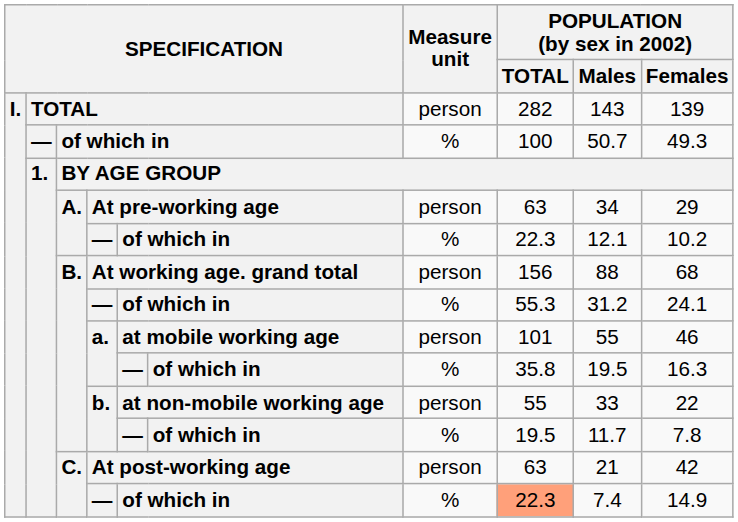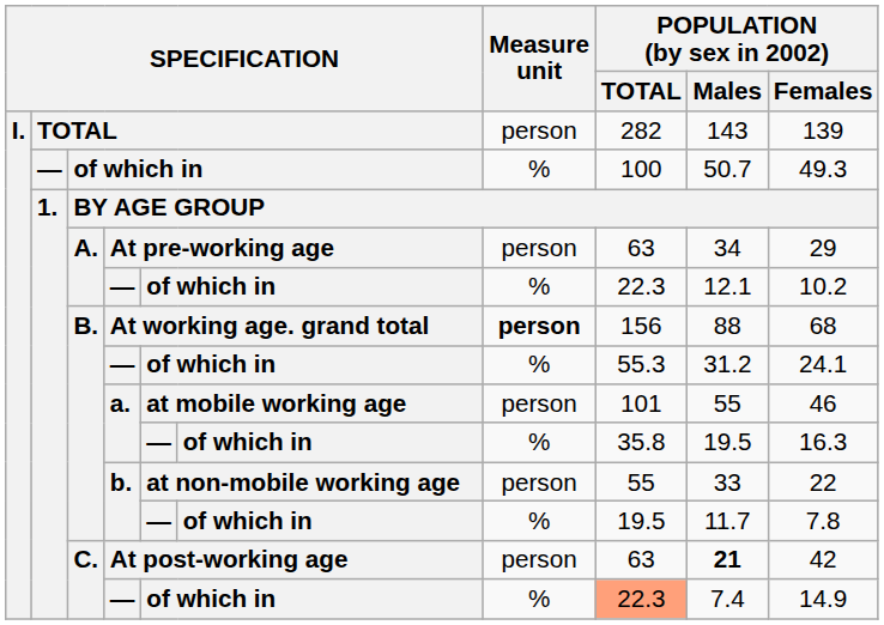 <table class="wikitable" style="font-size:85%; text-align:center">
 <tr>
 <th rowspan="2" colspan="6">SPECIFICATION</th>
 <th rowspan="2">Measure<br> unit</th>
 <th colspan="3" rowspan="1">POPULATION<br> (by sex in 2002)</th>
 </tr>
 <tr>
 <th>TOTAL</th>
 <th>Males</th>
 <th>Females</th>
 </tr>
 <tr>
 <th style="text-align:left" valign="top" rowspan="13">I.</th>
 <th style="text-align:left" colspan="5">TOTAL</th>
 <td>person</td>
 <td>282</td>
 <td>143</td>
 <td>139</td>
 </tr>
 <tr>
 <th style="text-align:left" valign="top">—</th>
 <th style="text-align:left" colspan="4">of which in</th>
 <td>%</td>
 <td>100</td>
 <td>50.7</td>
 <td>49.3</td>
 </tr>
 <tr>
 <th style="text-align:left" valign="top" rowspan="11">1.</th>
 <th style="text-align:left" colspan="19">BY AGE GROUP</th>
 </tr>
 <tr>
 <th style="text-align:left" valign="top" rowspan="2">A.</th>
 <th style="text-align:left" colspan="3">At pre-working age</th>
 <td>person</td>
 <td>63</td>
 <td>34</td>
 <td>29</td>
 </tr>
 <tr>
 <th style="text-align:left" valign="top">—</th>
 <th style="text-align:left" valign="top" colspan="2">of which in</th>
 <td>%</td>
 <td>22.3</td>
 <td>12.1</td>
 <td>10.2</td>
 </tr>
 <tr>
 <th style="text-align:left" valign="top" rowspan="6">B.</th>
 <th style="text-align:left" colspan="3">At working age. grand total</th>
-<td>person</td>
+<td><strong>person</strong></td>
 <td>156</td>
 <td>88</td>
 <td>68</td>
 </tr>
 <tr>
 <th style="text-align:left" valign="top">—</th>
 <th style="text-align:left" valign="top" colspan="2">of which in</th>
 <td>%</td>
 <td>55.3</td>
 <td>31.2</td>
 <td>24.1</td>
 </tr>
 <tr>
 <th style="text-align:left" valign="top" rowspan="2">a.</th>
 <th style="text-align:left" colspan="2">at mobile working age</th>
 <td>person</td>
 <td>101</td>
 <td>55</td>
 <td>46</td>
 </tr>
 <tr>
 <th style="text-align:left" valign="top">—</th>
 <th style="text-align:left" valign="top" colspan="1">of which in                        </th>
 <td>%</td>
 <td>35.8</td>
 <td>19.5</td>
 <td>16.3</td>
 </tr>
 <tr>
 <th style="text-align:left" valign="top" rowspan="2">b.</th>
 <th style="text-align:left" colspan="2">at non-mobile working age</th>
 <td>person</td>
 <td>55</td>
 <td>33</td>
 <td>22</td>
 </tr>
 <tr>
 <th style="text-align:left" valign="top">—</th>
 <th style="text-align:left" valign="top" colspan="1">of which in                        </th>
 <td>%</td>
 <td>19.5</td>
 <td>11.7</td>
 <td>7.8</td>
 </tr>
 <tr>
 <th style="text-align:left" valign="top" rowspan="2">C.</th>
 <th style="text-align:left" colspan="3">At post-working age</th>
 <td>person</td>
 <td>63</td>
-<td>21</td>
+<td><strong>21</strong></td>
 <td>42</td>
 </tr>
 <tr>
 <th style="text-align:left" valign="top">—</th>
 <th style="text-align:left" valign="top" colspan="2">of which in</th>
 <td>%</td>
 <td style="background: lightsalmon;">22.3</td>
 <td>7.4</td>
 <td>14.9</td>
 </tr>
 </table>
